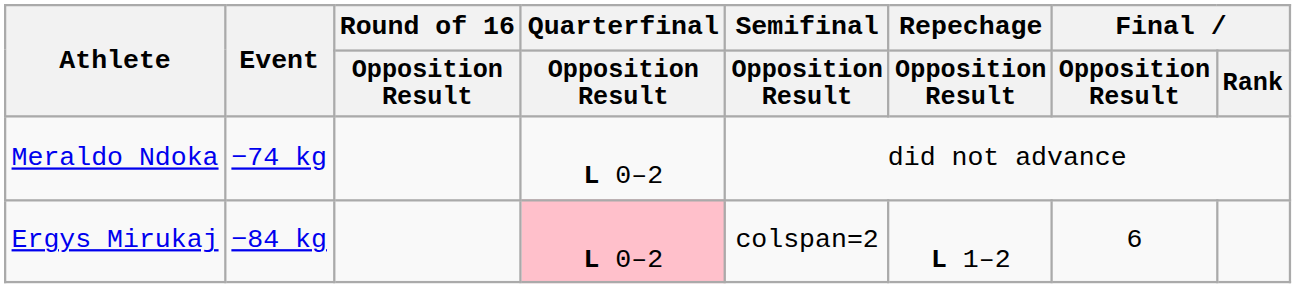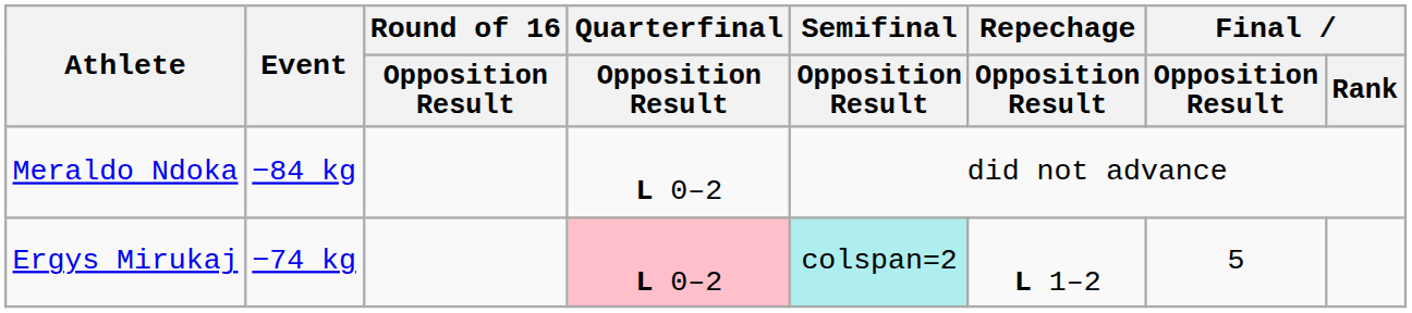 <table class="wikitable" style="font-size:90%">
 <tr>
 <th rowspan="2">Athlete</th>
 <th rowspan="2">Event</th>
 <th>Round of 16</th>
 <th>Quarterfinal</th>
 <th>Semifinal</th>
 <th>Repechage</th>
 <th colspan=2>Final / </th>
 </tr>
 <tr style="font-size: 95%">
 <th>Opposition<br>Result</th>
 <th>Opposition<br>Result</th>
 <th>Opposition<br>Result</th>
 <th>Opposition<br>Result</th>
 <th>Opposition<br>Result</th>
 <th>Rank</th>
 </tr>
 <tr align=center>
 <td align=left><a href='#'>Meraldo Ndoka</a></td>
-<td align=left><a href='#'>−74 kg</a></td>
+<td align=left><a href='#'>−84 kg</a></td>
 <td></td>
 <td><br><strong>L</strong> 0–2 <sup></sup></td>
 <td colspan=4>did not advance</td>
 </tr>
 <tr align=center>
 <td align=left><a href='#'>Ergys Mirukaj</a></td>
-<td align=left><a href='#'>−84 kg</a></td>
+<td align=left><a href='#'>−74 kg</a></td>
 <td></td>
 <td style="background: pink;"><br><strong>L</strong> 0–2 <sup></sup></td>
-<td>colspan=2 </td>
+<td style="background: paleturquoise;">colspan=2 </td>
 <td><br><strong>L</strong> 1–2 <sup></sup></td>
-<td>6</td>
+<td>5</td>
 </tr>
 </table>
